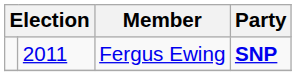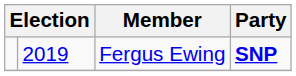 <table class="wikitable">
 <tr>
 <th colspan="2">Election</th>
 <th>Member</th>
 <th>Party</th>
 </tr>
 <tr>
 <td style="background-color: "></td>
-<td><a href='#'>2011</a></td>
+<td><a href='#'>2019</a></td>
 <td><a href='#'>Fergus Ewing</a></td>
 <td><strong><a href='#'>SNP</a></strong></td>
 </tr>
 <tr>
 </tr>
 </table>
